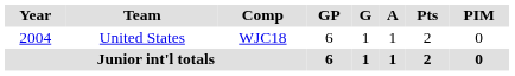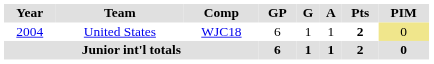 <table BORDER="0" CELLPADDING="2" CELLSPACING="0" width=40%>
 <tr ALIGN="center" bgcolor="#e0e0e0">
 <th>Year</th>
 <th>Team</th>
 <th>Comp</th>
 <th>GP</th>
 <th>G</th>
 <th>A</th>
 <th>Pts</th>
 <th>PIM</th>
 </tr>
 <tr ALIGN="center">
 <td><a href='#'>2004</a></td>
 <td><a href='#'>United States</a></td>
 <td><a href='#'>WJC18</a></td>
 <td>6</td>
 <td>1</td>
 <td>1</td>
-<td>2</td>
-<td>0</td>
+<td><strong>2</strong></td>
+<td style="background: khaki;">0</td>
 </tr>
 <tr bgcolor="#e0e0e0">
 <th colspan="3">Junior int'l totals</th>
 <th>6</th>
 <th>1</th>
 <th>1</th>
 <th>2</th>
 <th>0</th>
 </tr>
 </table>
